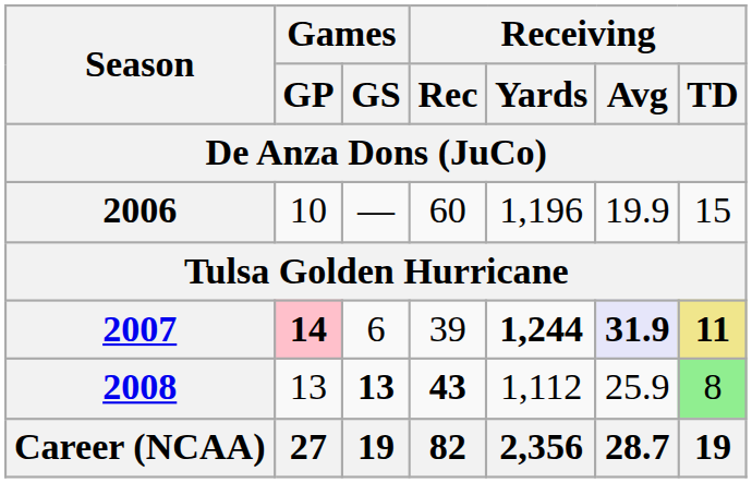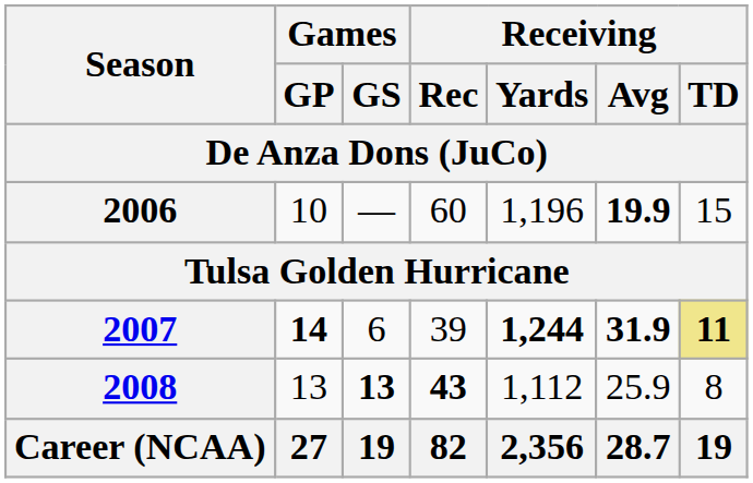 <table class="wikitable" style="text-align:center;">
 <tr>
 <th rowspan="2">Season</th>
 <th colspan="2">Games</th>
 <th colspan="4">Receiving</th>
 </tr>
 <tr>
 <th>GP</th>
 <th>GS</th>
 <th>Rec</th>
 <th>Yards</th>
 <th>Avg</th>
 <th>TD</th>
 </tr>
 <tr>
 <th colspan="15">De Anza Dons (JuCo)</th>
 </tr>
 <tr>
 <th>2006</th>
 <td>10</td>
 <td>—</td>
 <td>60</td>
 <td>1,196</td>
-<td>19.9</td>
+<td><strong>19.9</strong></td>
 <td>15</td>
 </tr>
 <tr>
 <th colspan="15">Tulsa Golden Hurricane</th>
 </tr>
 <tr>
 <th><a href='#'>2007</a></th>
-<td style="background: pink;"><strong>14</strong></td>
+<td><strong>14</strong></td>
 <td>6</td>
 <td>39</td>
 <td><strong>1,244</strong></td>
-<td style="background: lavender;"><strong>31.9</strong></td>
+<td><strong>31.9</strong></td>
 <td style="background: khaki;"><strong>11</strong></td>
 </tr>
 <tr>
 <th><a href='#'>2008</a></th>
 <td>13</td>
 <td><strong>13</strong></td>
 <td><strong>43</strong></td>
 <td>1,112</td>
 <td>25.9</td>
-<td style="background: lightgreen;">8</td>
+<td>8</td>
 </tr>
 <tr>
 <th>Career (NCAA)</th>
 <th>27</th>
 <th>19</th>
 <th>82</th>
 <th>2,356</th>
 <th>28.7</th>
 <th>19</th>
 </tr>
 </table>
